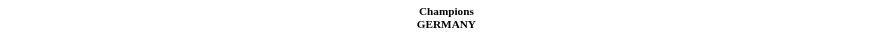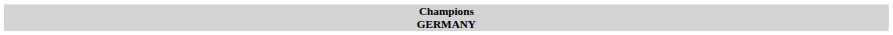 <table cellspacing=0 width=100%>
 <tr>
 <td align=center></td>
 </tr>
 <tr>
-<td align=center><strong>Champions<br>GERMANY</strong></td>
+<td align=center style="background: lightgrey;"><strong>Champions<br>GERMANY</strong></td>
 </tr>
 </table>
